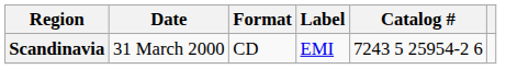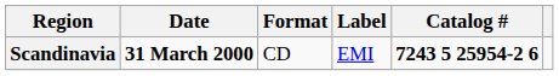 <table class="wikitable plainrowheaders">
 <tr>
 <th scope="col">Region</th>
 <th scope="col">Date</th>
 <th scope="col">Format</th>
 <th scope="col">Label</th>
 <th scope="col">Catalog #</th>
 <th scope="col"></th>
 </tr>
 <tr>
 <th scope="row">Scandinavia</th>
-<td>31 March 2000</td>
+<td><strong>31 March 2000</strong></td>
 <td>CD</td>
 <td><a href='#'>EMI</a></td>
-<td style="text-align:center;">7243 5 25954-2 6</td>
+<td style="text-align:center;"><strong>7243 5 25954-2 6</strong></td>
 <td rowspan="4" align="center"></td>
 </tr>
 <tr>
 </tr>
 </table>
